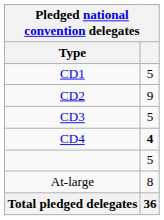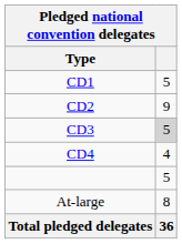 <table class="wikitable sortable" style="font-size:90%;text-align:center;float:none;padding:5px;">
 <tr>
 <th colspan="2">Pledged <a href='#'>national<br>convention</a> delegates</th>
 </tr>
 <tr>
 <th>Type</th>
 <th></th>
 </tr>
 <tr>
 <td><a href='#'>CD1</a></td>
 <td>5</td>
 </tr>
 <tr>
 <td><a href='#'>CD2</a></td>
 <td>9</td>
 </tr>
 <tr>
 <td><a href='#'>CD3</a></td>
-<td>5</td>
+<td style="background: lightgrey;">5</td>
 </tr>
 <tr>
 <td><a href='#'>CD4</a></td>
-<td><strong>4</strong></td>
+<td>4</td>
 </tr>
 <tr>
 <td></td>
 <td>5</td>
 </tr>
 <tr>
 <td>At-large</td>
 <td>8</td>
 </tr>
 <tr>
 <th>Total pledged delegates</th>
 <th>36</th>
 </tr>
 </table>
